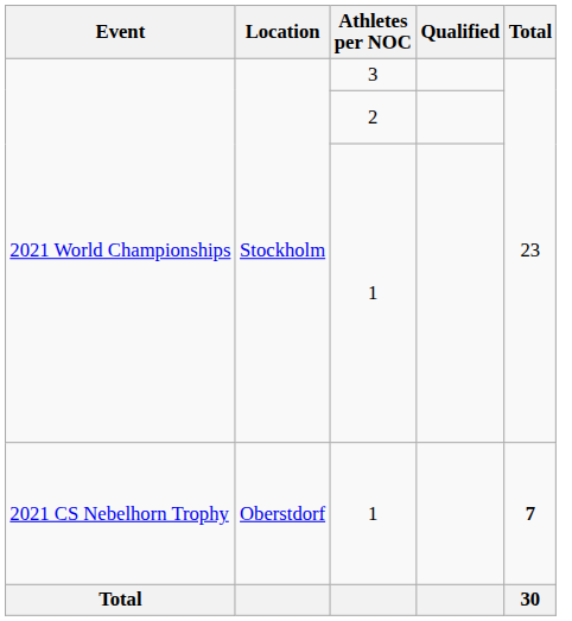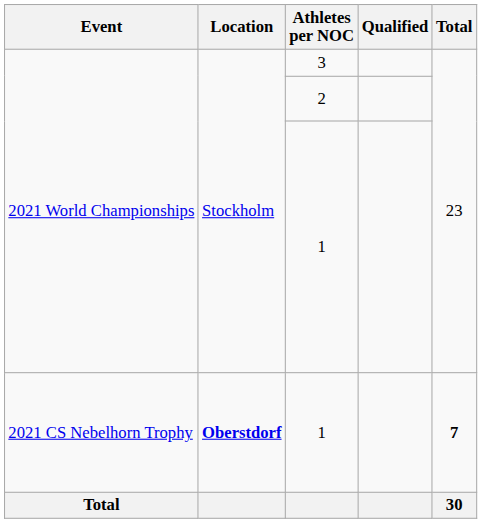 <table class="wikitable">
 <tr>
 <th>Event</th>
 <th>Location</th>
 <th>Athletes <br> per NOC</th>
 <th>Qualified</th>
 <th>Total</th>
 </tr>
 <tr>
 <td rowspan = 3><a href='#'>2021 World Championships</a></td>
 <td rowspan = 3> <a href='#'>Stockholm</a></td>
 <td align="center">3</td>
 <td></td>
 <td rowspan = 3 align="center">23</td>
 </tr>
 <tr>
 <td align="center">2</td>
 <td><br><br></td>
 </tr>
 <tr>
 <td align="center">1</td>
 <td><br><br><br><br><br><br><br><br><br><br><br><br><br></td>
 </tr>
 <tr>
 <td><a href='#'>2021 CS Nebelhorn Trophy</a></td>
-<td> <a href='#'>Oberstdorf</a></td>
+<td><strong> <a href='#'>Oberstdorf</a></strong></td>
 <td align="center">1</td>
 <td><br><br><br><br><br><br></td>
 <td align="center"><strong>7</strong></td>
 </tr>
 <tr>
 <th>Total</th>
 <th></th>
 <th></th>
 <th></th>
 <th>30</th>
 </tr>
 </table>
